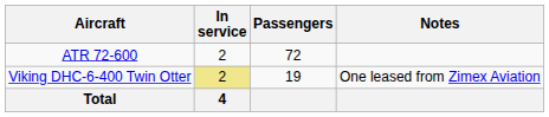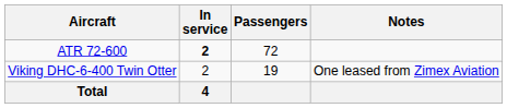 <table class="wikitable" style="margin:1em auto; text-align:center;">
 <tr>
 <th>Aircraft</th>
 <th>In <br> service</th>
 <th>Passengers</th>
 <th>Notes</th>
 </tr>
 <tr>
 <td><a href='#'>ATR 72-600</a></td>
-<td>2</td>
+<td><strong>2</strong></td>
 <td>72</td>
 </tr>
 <tr>
 <td><a href='#'>Viking DHC-6-400 Twin Otter</a></td>
-<td style="background: khaki;">2</td>
+<td>2</td>
 <td>19</td>
 <td>One leased from <a href='#'>Zimex Aviation</a></td>
 </tr>
 <tr>
 <th>Total</th>
 <th>4</th>
 <th></th>
 <th colspan="2"></th>
 </tr>
 </table>
